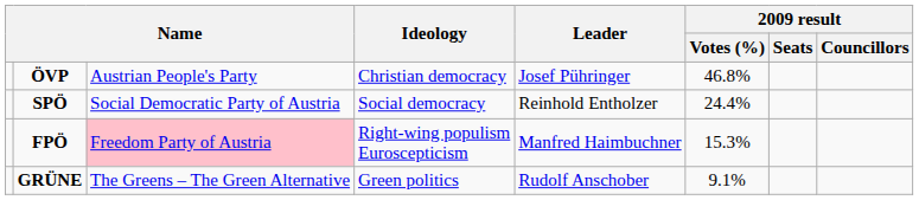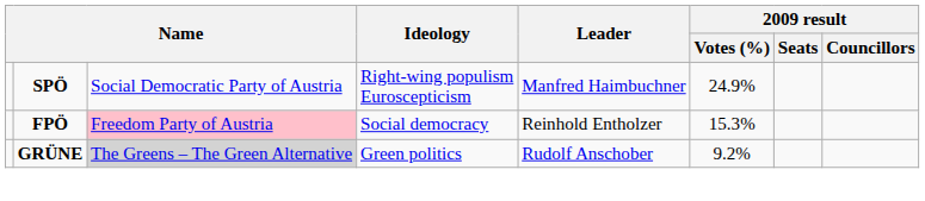 <table class="wikitable">
 <tr>
 <th rowspan="2" colspan="3">Name</th>
 <th rowspan="2">Ideology</th>
 <th rowspan="2">Leader</th>
 <th colspan="3">2009 result</th>
 </tr>
 <tr>
 <th>Votes (%)</th>
 <th>Seats</th>
 <th>Councillors</th>
 </tr>
 <tr>
 <td style="background:"></td>
-<td style="text-align:center;"><strong>ÖVP</strong></td>
-<td><a href='#'>Austrian People's Party</a><br></td>
-<td><a href='#'>Christian democracy</a></td>
-<td><a href='#'>Josef Pühringer</a></td>
-<td style="text-align:center;">46.8%</td>
-<td></td>
-<td></td>
-</tr>
-<tr>
-<td style="background:"></td>
 <td style="text-align:center;"><strong>SPÖ</strong></td>
 <td><a href='#'>Social Democratic Party of Austria</a><br></td>
-<td><a href='#'>Social democracy</a></td>
-<td>Reinhold Entholzer</td>
-<td style="text-align:center;">24.4%</td>
+<td><a href='#'>Right-wing populism</a><br><a href='#'>Euroscepticism</a></td>
+<td><a href='#'>Manfred Haimbuchner</a></td>
+<td style="text-align:center;">24.9%</td>
 <td></td>
 <td></td>
 </tr>
 <tr>
 <td style="background:"></td>
 <td style="text-align:center;"><strong>FPÖ</strong></td>
 <td style="background: pink;"><a href='#'>Freedom Party of Austria</a><br></td>
-<td><a href='#'>Right-wing populism</a><br><a href='#'>Euroscepticism</a></td>
-<td><a href='#'>Manfred Haimbuchner</a></td>
+<td><a href='#'>Social democracy</a></td>
+<td>Reinhold Entholzer</td>
 <td style="text-align:center;">15.3%</td>
 <td></td>
 <td></td>
 </tr>
 <tr>
 <td style="background:"></td>
 <td style="text-align:center;"><strong>GRÜNE</strong></td>
-<td><a href='#'>The Greens – The Green Alternative</a><br></td>
+<td style="background: lightgrey;"><a href='#'>The Greens – The Green Alternative</a><br></td>
 <td><a href='#'>Green politics</a></td>
 <td><a href='#'>Rudolf Anschober</a></td>
-<td style="text-align:center;">9.1%</td>
+<td style="text-align:center;">9.2%</td>
 <td></td>
 <td></td>
 </tr>
 </table>
